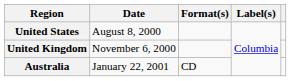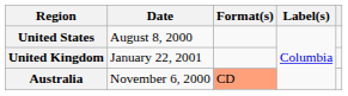 <table class="wikitable plainrowheaders">
 <tr>
 <th scope="col">Region</th>
 <th scope="col">Date</th>
 <th scope="col">Format(s)</th>
 <th scope="col">Label(s)</th>
 <th scope="col"></th>
 </tr>
 <tr>
 <th scope="row">United States</th>
 <td>August 8, 2000</td>
 <td></td>
 <td rowspan="3"><a href='#'>Columbia</a></td>
 <td></td>
 </tr>
 <tr>
 <th scope="row">United Kingdom</th>
-<td>November 6, 2000</td>
+<td>January 22, 2001</td>
 <td></td>
 <td></td>
 </tr>
 <tr>
 <th scope="row">Australia</th>
-<td>January 22, 2001</td>
-<td>CD</td>
+<td>November 6, 2000</td>
+<td style="background: lightsalmon;">CD</td>
 <td></td>
 </tr>
 </table>
